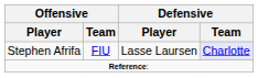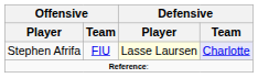 <table class="wikitable" style="text-align: center;">
 <tr>
 <th colspan="2">Offensive</th>
 <th colspan="2">Defensive</th>
 </tr>
 <tr>
 <th>Player</th>
 <th>Team</th>
 <th>Player</th>
 <th>Team</th>
 </tr>
 <tr>
 <td>Stephen Afrifa</td>
 <td><a href='#'>FIU</a></td>
-<td>Lasse Laursen</td>
+<td style="background: lightyellow;">Lasse Laursen</td>
 <td style="background: lavender;"><a href='#'>Charlotte</a></td>
 </tr>
 <tr>
 <td colspan="4"  style="font-size:8pt; text-align:center;"><strong>Reference</strong>:</td>
 </tr>
 </table>
